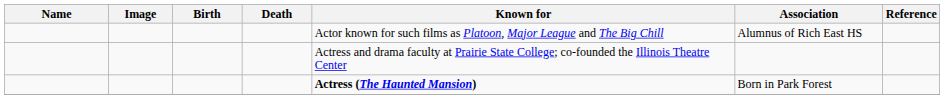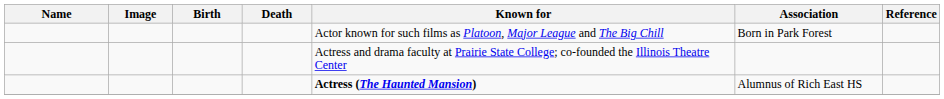 <table class="wikitable sortable">
 <tr>
 <th scope="col" width="140">Name</th>
 <th scope="col" width="80" class="unsortable">Image</th>
 <th scope="col" width="90">Birth</th>
 <th scope="col" width="90">Death</th>
 <th scope="col" width="600" class="unsortable">Known for</th>
 <th scope="col" width="200" class="unsortable">Association</th>
 <th scope="col" width="30" class="unsortable">Reference</th>
 </tr>
 <tr>
 <td></td>
 <td></td>
 <td align=right></td>
 <td></td>
 <td>Actor known for such films as <em><a href='#'>Platoon</a></em>, <em><a href='#'>Major League</a></em> and <em><a href='#'>The Big Chill</a></em></td>
-<td>Alumnus of Rich East HS</td>
+<td>Born in Park Forest</td>
 <td align="center"></td>
 </tr>
 <tr>
 <td></td>
 <td></td>
 <td align=right></td>
 <td align=right></td>
 <td>Actress and drama faculty at <a href='#'>Prairie State College</a>; co-founded the <a href='#'>Illinois Theatre Center</a></td>
 <td></td>
 <td align="center"></td>
 </tr>
 <tr>
 <td></td>
 <td></td>
 <td align=right></td>
 <td></td>
 <td><strong>Actress (<em><a href='#'>The Haunted Mansion</a></em>)</strong></td>
-<td>Born in Park Forest</td>
+<td>Alumnus of Rich East HS</td>
 <td align="center"></td>
 </tr>
 <tr>
 </tr>
 </table>
